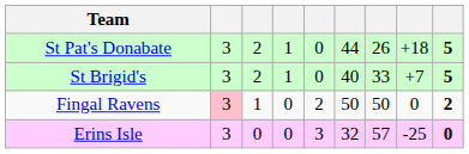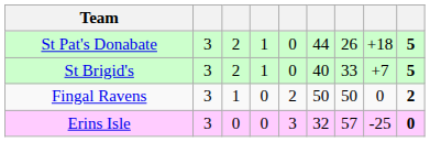 <table class="wikitable" style="text-align:center">
 <tr>
 <th style="width:175px;">Team</th>
 <th width="20"></th>
 <th width="20"></th>
 <th width="20"></th>
 <th width="20"></th>
 <th width="20"></th>
 <th width="20"></th>
 <th width="20"></th>
 <th width="20"></th>
 </tr>
 <tr style="background:#cfc;">
 <td><a href='#'>St Pat's Donabate</a></td>
 <td>3</td>
 <td>2</td>
 <td>1</td>
 <td>0</td>
 <td>44</td>
 <td>26</td>
 <td>+18</td>
 <td><strong>5</strong></td>
 </tr>
 <tr style="background:#cfc;">
 <td><a href='#'>St Brigid's</a></td>
 <td>3</td>
 <td>2</td>
 <td>1</td>
 <td>0</td>
 <td>40</td>
 <td>33</td>
 <td>+7</td>
 <td><strong>5</strong></td>
 </tr>
 <tr>
 <td><a href='#'>Fingal Ravens</a></td>
-<td style="background: pink;">3</td>
+<td>3</td>
 <td>1</td>
 <td>0</td>
 <td>2</td>
 <td>50</td>
 <td>50</td>
 <td>0</td>
 <td><strong>2</strong></td>
 </tr>
 <tr style="background:#fcf;">
 <td><a href='#'>Erins Isle</a></td>
 <td>3</td>
 <td>0</td>
 <td>0</td>
 <td>3</td>
 <td>32</td>
 <td>57</td>
 <td>-25</td>
 <td><strong>0</strong></td>
 </tr>
 </table>
